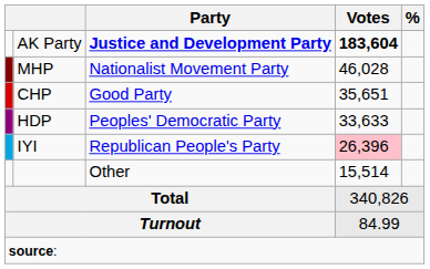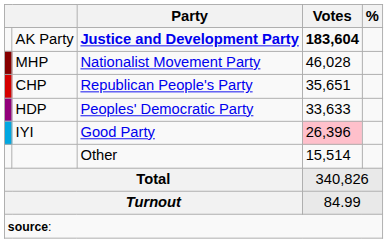 <table class="wikitable">
 <tr>
 <th colspan="2" align="center"></th>
 <th align="center">Party</th>
 <th align="center">Votes</th>
 <th align="center">%</th>
 </tr>
 <tr align="left">
 <td></td>
 <td>AK Party</td>
 <td><strong><a href='#'>Justice and Development Party</a></strong></td>
 <td><strong>183,604</strong></td>
 <td><strong></strong></td>
 </tr>
 <tr align="left">
 <td bgcolor="#870000" width="1"></td>
 <td>MHP</td>
 <td><a href='#'>Nationalist Movement Party</a></td>
 <td>46,028</td>
 <td></td>
 </tr>
 <tr align="left">
 <td bgcolor="#d50000" width="1"></td>
 <td>CHP</td>
-<td><a href='#'>Good Party</a></td>
+<td><a href='#'>Republican People's Party</a></td>
 <td>35,651</td>
 <td></td>
 </tr>
 <tr align="left">
 <td bgcolor="#91007B" width="1"></td>
 <td>HDP</td>
 <td><a href='#'>Peoples' Democratic Party</a></td>
 <td>33,633</td>
 <td></td>
 </tr>
 <tr align="left">
 <td bgcolor="#01A7E1" width="1"></td>
 <td>IYI</td>
-<td><a href='#'>Republican People's Party</a></td>
+<td><a href='#'>Good Party</a></td>
 <td style="background: pink;">26,396</td>
 <td></td>
 </tr>
 <tr align="left">
 <td bgcolor="" width="1"></td>
 <td></td>
 <td>Other</td>
 <td>15,514</td>
 <td></td>
 </tr>
 <tr align="left" style="background-color:#E9E9E9">
 <th colspan="3" align="center"><strong>Total</strong></th>
 <td colspan="5" align="center">340,826</td>
 </tr>
 <tr align="left" style="background-color:#E9E9E9">
 <th colspan="3" align="center"><em>Turnout</em></th>
 <td colspan="5" align="center">84.99</td>
 </tr>
 <tr>
 <td colspan="9" align="left"><small><strong>source</strong>: </small></td>
 </tr>
 </table>
